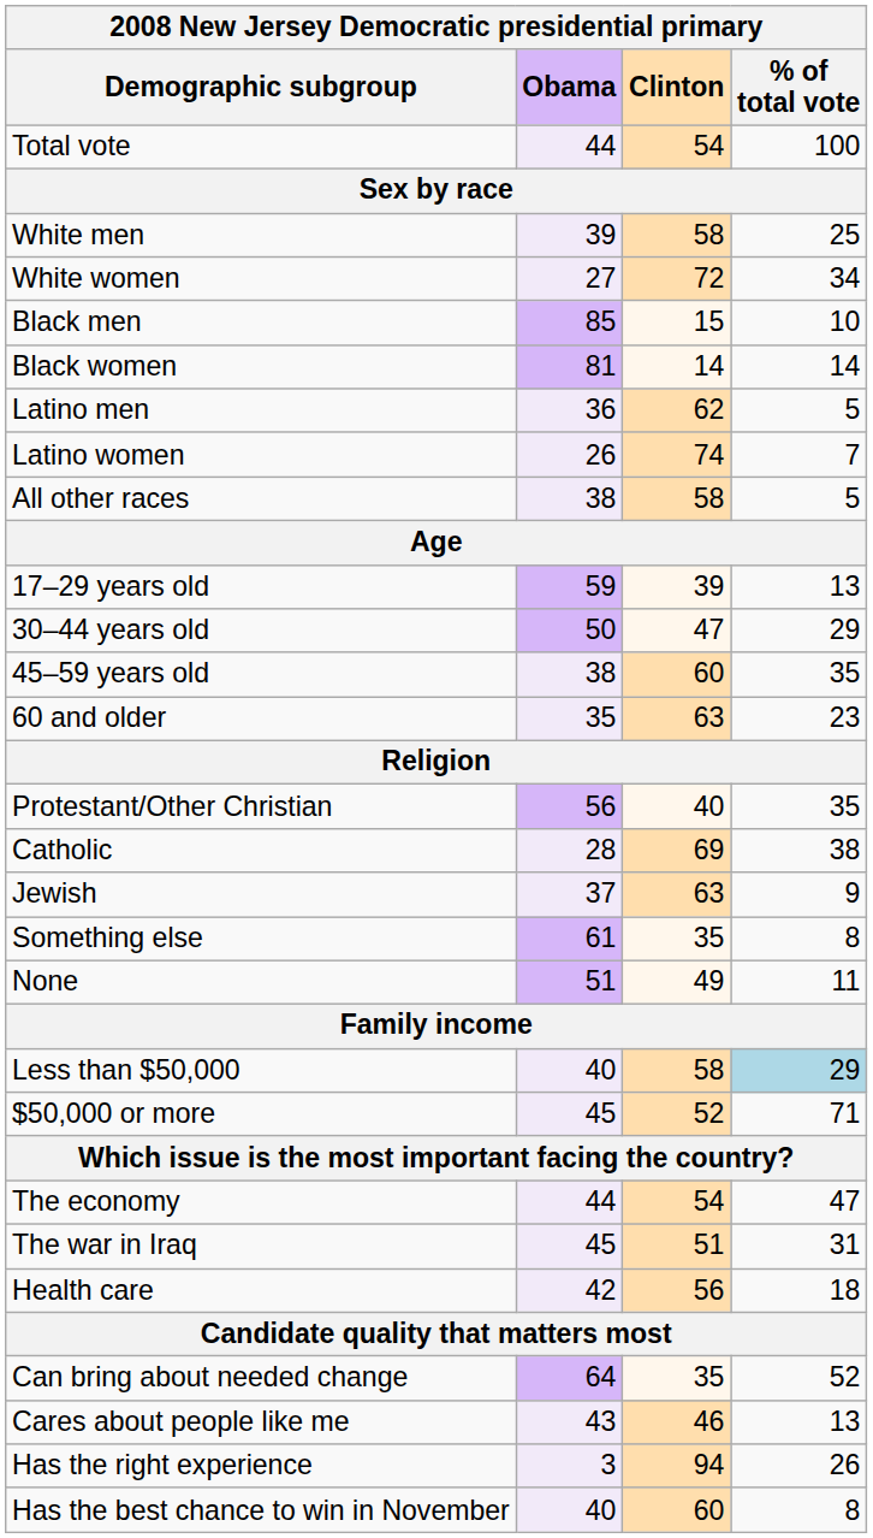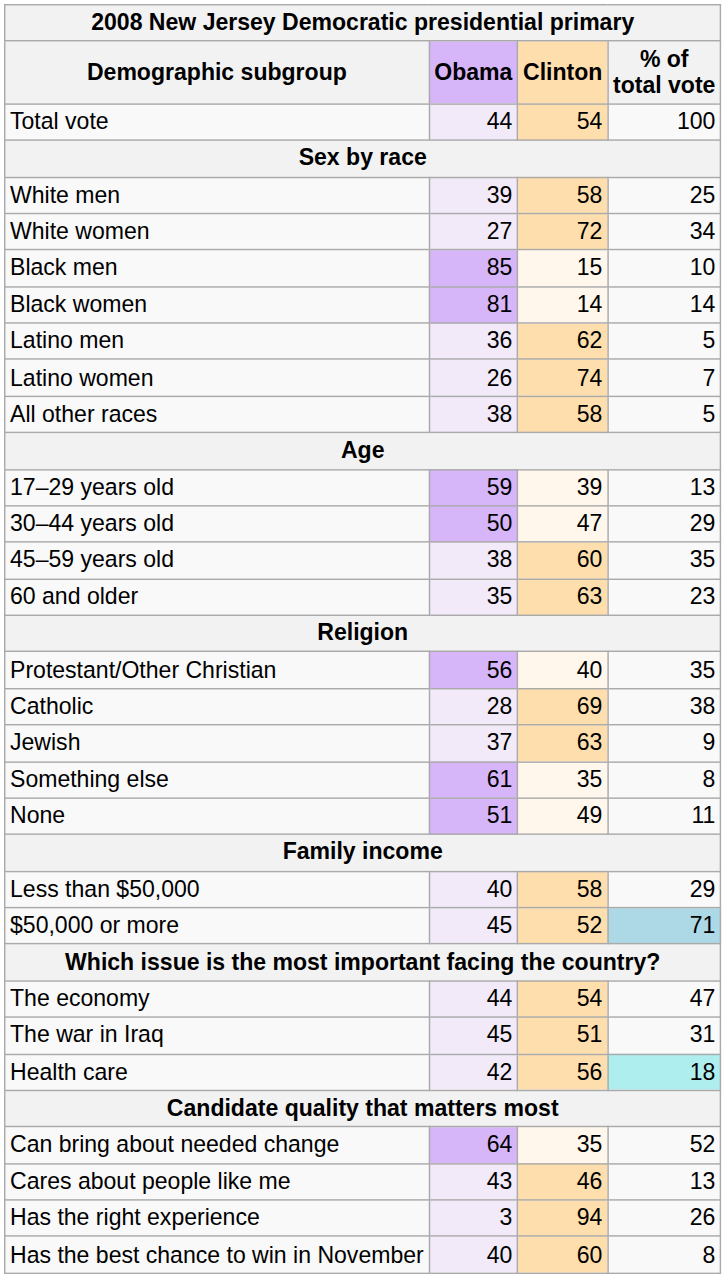 <table class="wikitable">
 <tr>
 <th colspan="8">2008 New Jersey Democratic presidential primary</th>
 </tr>
 <tr>
 <th>Demographic subgroup</th>
 <th style="background:#d6b6f9;">Obama</th>
 <th style="background:#ffdead;">Clinton</th>
 <th>% of<br>total vote</th>
 </tr>
 <tr>
 <td>Total vote</td>
 <td style="text-align:right; background:#f2eaf9;">44</td>
 <td style="text-align:right; background:#ffdead;">54</td>
 <td style="text-align:right;">100</td>
 </tr>
 <tr>
 <th colspan="4">Sex by race</th>
 </tr>
 <tr>
 <td>White men</td>
 <td style="text-align:right; background:#f2eaf9;">39</td>
 <td style="text-align:right; background:#ffdead;">58</td>
 <td style="text-align:right;">25</td>
 </tr>
 <tr>
 <td>White women</td>
 <td style="text-align:right; background:#f2eaf9;">27</td>
 <td style="text-align:right; background:#ffdead;">72</td>
 <td style="text-align: right;">34</td>
 </tr>
 <tr>
 <td>Black men</td>
 <td style="text-align:right; background:#d6b6f9;">85</td>
 <td style="text-align:right; background:#fff7ec;">15</td>
 <td style="text-align:right;">10</td>
 </tr>
 <tr>
 <td>Black women</td>
 <td style="text-align:right; background:#d6b6f9;">81</td>
 <td style="text-align:right; background:#fff7ec;">14</td>
 <td style="text-align:right;">14</td>
 </tr>
 <tr>
 <td>Latino men</td>
 <td style="text-align:right; background:#f2eaf9;">36</td>
 <td style="text-align:right; background:#ffdead;">62</td>
 <td style="text-align: right;">5</td>
 </tr>
 <tr>
 <td>Latino women</td>
 <td style="text-align:right; background:#f2eaf9;">26</td>
 <td style="text-align:right; background:#ffdead;">74</td>
 <td style="text-align:right;">7</td>
 </tr>
 <tr>
 <td>All other races</td>
 <td style="text-align:right; background:#f2eaf9;">38</td>
 <td style="text-align:right; background:#ffdead;">58</td>
 <td style="text-align:right;">5</td>
 </tr>
 <tr>
 <th colspan="4">Age</th>
 </tr>
 <tr>
 <td>17–29 years old</td>
 <td style="text-align:right; background:#d6b6f9;">59</td>
 <td style="text-align:right; background:#fff7ec;">39</td>
 <td style="text-align:right;">13</td>
 </tr>
 <tr>
 <td>30–44 years old</td>
 <td style="text-align:right; background:#d6b6f9;">50</td>
 <td style="text-align:right; background:#fff7ec;">47</td>
 <td style="text-align:right;">29</td>
 </tr>
 <tr>
 <td>45–59 years old</td>
 <td style="text-align:right; background:#f2eaf9;">38</td>
 <td style="text-align:right; background:#ffdead;">60</td>
 <td style="text-align: right;">35</td>
 </tr>
 <tr>
 <td>60 and older</td>
 <td style="text-align:right; background:#f2eaf9;">35</td>
 <td style="text-align:right; background:#ffdead;">63</td>
 <td style="text-align: right;">23</td>
 </tr>
 <tr>
 <th colspan="4">Religion</th>
 </tr>
 <tr>
 <td>Protestant/Other Christian</td>
 <td style="text-align:right; background:#d6b6f9;">56</td>
 <td style="text-align:right; background:#fff7ec;">40</td>
 <td style="text-align:right;">35</td>
 </tr>
 <tr>
 <td>Catholic</td>
 <td style="text-align:right; background:#f2eaf9;">28</td>
 <td style="text-align:right; background:#ffdead;">69</td>
 <td style="text-align:right;">38</td>
 </tr>
 <tr>
 <td>Jewish</td>
 <td style="text-align:right; background:#f2eaf9;">37</td>
 <td style="text-align:right; background:#ffdead;">63</td>
 <td style="text-align:right;">9</td>
 </tr>
 <tr>
 <td>Something else</td>
 <td style="text-align:right; background:#d6b6f9;">61</td>
 <td style="text-align:right; background:#fff7ec;">35</td>
 <td style="text-align:right;">8</td>
 </tr>
 <tr>
 <td>None</td>
 <td style="text-align:right; background:#d6b6f9;">51</td>
 <td style="text-align:right; background:#fff7ec;">49</td>
 <td style="text-align:right;">11</td>
 </tr>
 <tr>
 <th colspan="4">Family income</th>
 </tr>
 <tr>
 <td>Less than $50,000</td>
 <td style="text-align:right; background:#f2eaf9;">40</td>
 <td style="text-align:right; background:#ffdead;">58</td>
-<td style="background: lightblue; text-align:right;">29</td>
+<td style="text-align:right;">29</td>
 </tr>
 <tr>
 <td>$50,000 or more</td>
 <td style="text-align:right; background:#f2eaf9;">45</td>
 <td style="text-align:right; background:#ffdead;">52</td>
-<td style="text-align:right;">71</td>
+<td style="background: lightblue; text-align:right;">71</td>
 </tr>
 <tr>
 <th colspan="4">Which issue is the most important facing the country?</th>
 </tr>
 <tr>
 <td>The economy</td>
 <td style="text-align:right; background:#f2eaf9;">44</td>
 <td style="text-align:right; background:#ffdead;">54</td>
 <td style="text-align:right;">47</td>
 </tr>
 <tr>
 <td>The war in Iraq</td>
 <td style="text-align:right; background:#f2eaf9;">45</td>
 <td style="text-align:right; background:#ffdead;">51</td>
 <td style="text-align:right;">31</td>
 </tr>
 <tr>
 <td>Health care</td>
 <td style="text-align:right; background:#f2eaf9;">42</td>
 <td style="text-align:right; background:#ffdead;">56</td>
-<td style="text-align:right;">18</td>
+<td style="background: paleturquoise; text-align:right;">18</td>
 </tr>
 <tr>
 <th colspan="4">Candidate quality that matters most</th>
 </tr>
 <tr>
 <td>Can bring about needed change</td>
 <td style="text-align:right; background:#d6b6f9;">64</td>
 <td style="text-align:right; background:#fff7ec;">35</td>
 <td style="text-align:right;">52</td>
 </tr>
 <tr>
 <td>Cares about people like me</td>
 <td style="text-align:right; background:#f2eaf9;">43</td>
 <td style="text-align:right; background:#ffdead;">46</td>
 <td style="text-align:right;">13</td>
 </tr>
 <tr>
 <td>Has the right experience</td>
 <td style="text-align:right; background:#f2eaf9;">3</td>
 <td style="text-align:right; background:#ffdead;">94</td>
 <td style="text-align:right;">26</td>
 </tr>
 <tr>
 <td>Has the best chance to win in November</td>
 <td style="text-align:right; background:#f2eaf9;">40</td>
 <td style="text-align:right; background:#ffdead;">60</td>
 <td style="text-align:right;">8</td>
 </tr>
 </table>
